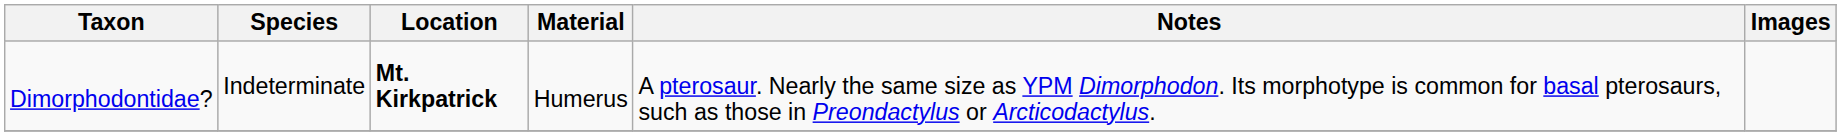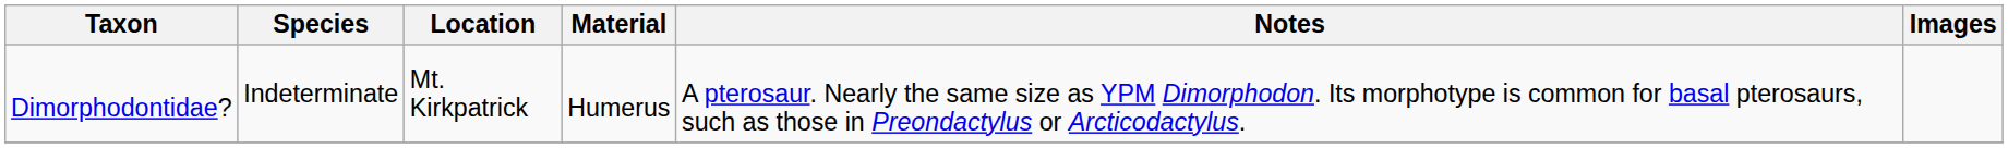 <table class ="wikitable" align="center" width="100%">
 <tr>
 <th>Taxon</th>
 <th>Species</th>
 <th>Location</th>
 <th>Material</th>
 <th>Notes</th>
 <th>Images</th>
 </tr>
 <tr>
 <td><br><a href='#'>Dimorphodontidae</a>?</td>
 <td>Indeterminate</td>
-<td><strong>Mt. Kirkpatrick</strong></td>
+<td>Mt. Kirkpatrick</td>
 <td><br>Humerus</td>
 <td><br>A <a href='#'>pterosaur</a>. Nearly the same size as <a href='#'>YPM</a> <em><a href='#'>Dimorphodon</a></em>. Its morphotype is common for <a href='#'>basal</a> pterosaurs, such as those in <em><a href='#'>Preondactylus</a></em> or <em><a href='#'>Arcticodactylus</a></em>.</td>
 <td><br></td>
 </tr>
 <tr>
 </tr>
 </table>
